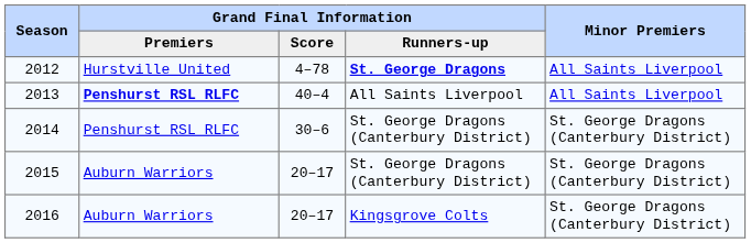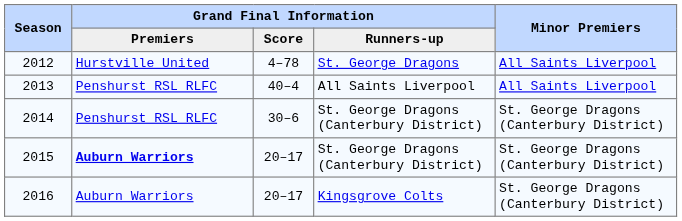 <table border="1" cellpadding="3" cellspacing="0" style="border-collapse:collapse; font-size:90%; width:68%;">
 <tr style="background:#c1d8ff;">
 <th rowspan="2" style="width:10%;">Season</th>
 <th colspan="3">Grand Final Information</th>
 <th rowspan="2" style="width:27%;">Minor Premiers</th>
 </tr>
 <tr style="background:#efefef;">
 <th style="width:27%;">Premiers</th>
 <th style="width:9%;">Score</th>
 <th style="width:27%;">Runners-up</th>
 </tr>
 <tr style="text-align:center; background:#f5faff;">
 <td>2012</td>
 <td align=left> <a href='#'>Hurstville United</a></td>
 <td>4–78</td>
-<td align=left><strong> <a href='#'>St. George Dragons</a></strong></td>
+<td align=left> <a href='#'>St. George Dragons</a></td>
 <td align=left> <a href='#'>All Saints Liverpool</a></td>
 </tr>
 <tr style="text-align:center; background:#f5faff;">
 <td>2013</td>
-<td align=left><strong> <a href='#'>Penshurst RSL RLFC</a></strong></td>
+<td align=left> <a href='#'>Penshurst RSL RLFC</a></td>
 <td>40–4</td>
 <td align=left> All Saints Liverpool</td>
 <td align=left> <a href='#'>All Saints Liverpool</a></td>
 </tr>
 <tr style="text-align:center; background:#f5faff;">
 <td>2014</td>
 <td align=left> <a href='#'>Penshurst RSL RLFC</a></td>
 <td>30–6</td>
 <td align=left> St. George Dragons (Canterbury District)</td>
 <td align=left> St. George Dragons (Canterbury District)</td>
 </tr>
 <tr style="text-align:center; background:#f5faff;">
 <td>2015</td>
-<td align=left> <a href='#'>Auburn Warriors</a></td>
+<td align=left><strong> <a href='#'>Auburn Warriors</a></strong></td>
 <td>20–17</td>
 <td align=left> St. George Dragons (Canterbury District)</td>
 <td align=left> St. George Dragons (Canterbury District)</td>
 </tr>
 <tr style="text-align:center; background:#f5faff;">
 <td>2016</td>
 <td align=left> <a href='#'>Auburn Warriors</a></td>
 <td>20–17</td>
 <td align=left> <a href='#'>Kingsgrove Colts</a></td>
 <td align=left> St. George Dragons (Canterbury District)</td>
 </tr>
 </table>
